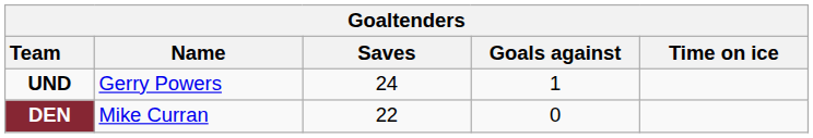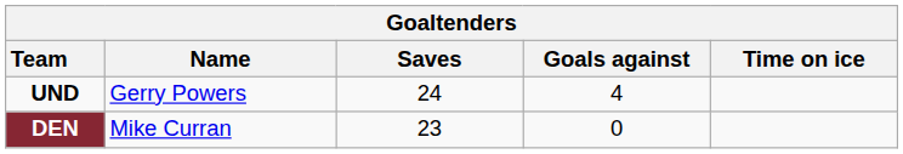 <table class="wikitable" style="width:40em; text-align:right;">
 <tr>
 <th colspan=5>Goaltenders</th>
 </tr>
 <tr>
 <th style="width:4em; text-align:left;">Team</th>
 <th style="width:10em;">Name</th>
 <th style="width:8em;">Saves</th>
 <th style="width:8em;">Goals against</th>
 <th style="width:8em;">Time on ice</th>
 </tr>
 <tr>
 <td align=center><strong>UND</strong></td>
 <td style="text-align:left;"><a href='#'>Gerry Powers</a></td>
 <td align=center>24</td>
-<td align=center>1</td>
+<td align=center>4</td>
 <td align=center></td>
 </tr>
 <tr>
 <td align=center style="color:white; background:#862633; "><strong>DEN</strong></td>
 <td style="text-align:left;"><a href='#'>Mike Curran</a></td>
-<td align=center>22</td>
+<td align=center>23</td>
 <td align=center>0</td>
 <td align=center></td>
 </tr>
 </table>
